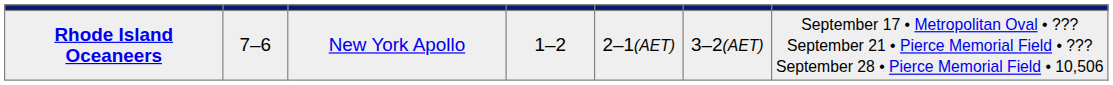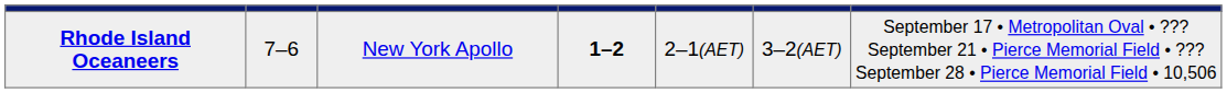 <table style=border-collapse:collapse border=1 cellspacing=0 cellpadding=2>
 <tr align=center bgcolor=#071871>
 <th width=180></th>
 <th width=50></th>
 <th width=180></th>
 <th width=70></th>
 <th width=70></th>
 <th width=70></th>
 <td width=280></td>
 </tr>
 <tr align=center bgcolor=#efefef>
 <td align=center><strong><a href='#'>Rhode Island Oceaneers</a></strong></td>
 <td>7–6</td>
 <td align=center><a href='#'>New York Apollo</a></td>
-<td>1–2</td>
+<td><strong>1–2</strong></td>
 <td>2–1<small><em>(AET)</em></small></td>
 <td>3–2<small><em>(AET)</em></small></td>
 <td><small>September 17 • <a href='#'>Metropolitan Oval</a> • ???<br>September 21 • <a href='#'>Pierce Memorial Field</a> • ???<br>September 28 • <a href='#'>Pierce Memorial Field</a> • 10,506</small></td>
 </tr>
 </table>
